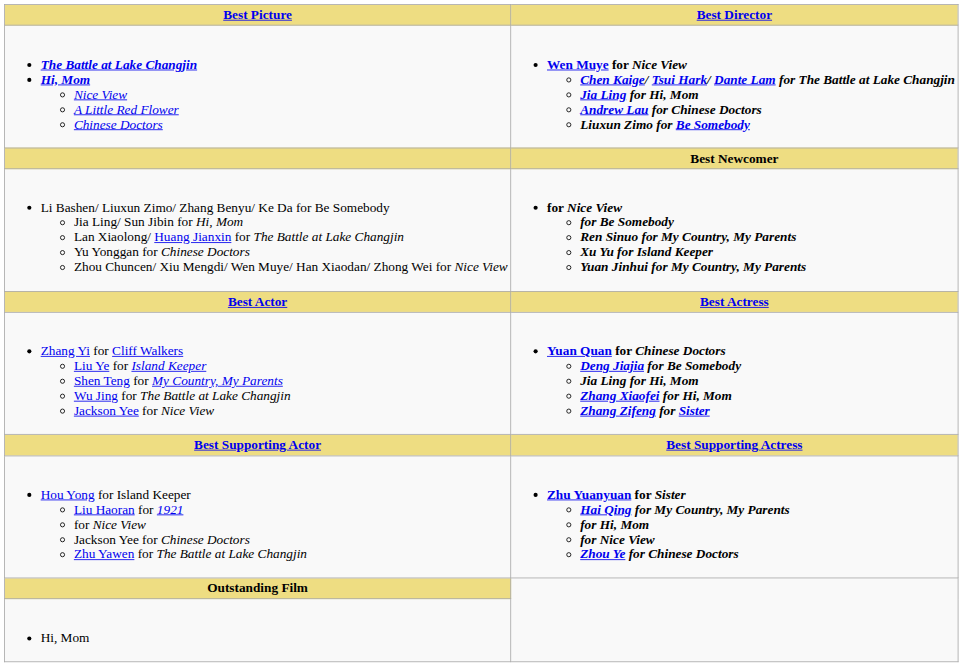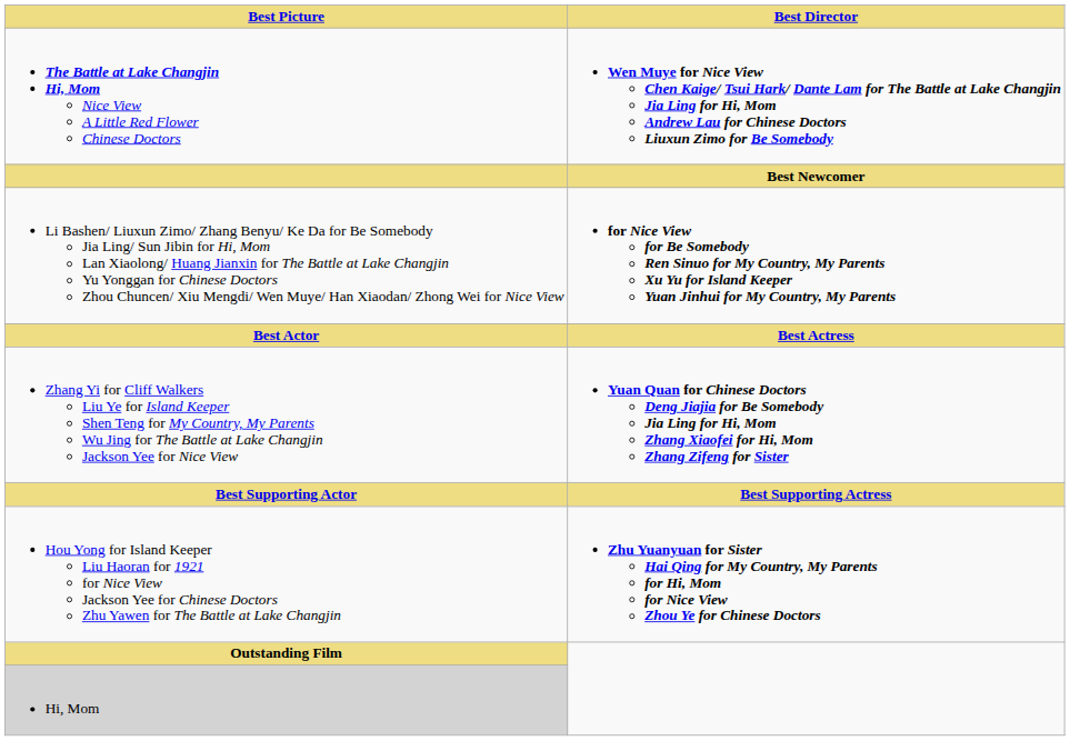 <table class=wikitable>
 <tr>
 <th style="background:#EEDD82; width=50%"><a href='#'>Best Picture</a></th>
 <th style="background:#EEDD82; width=50%"><a href='#'>Best Director</a></th>
 </tr>
 <tr>
 <td valign="top"><br><ul><li><strong><em><a href='#'>The Battle at Lake Changjin</a></em></strong></li><li><strong><em><a href='#'>Hi, Mom</a></em></strong><ul><li><em><a href='#'>Nice View</a></em></li><li><em><a href='#'>A Little Red Flower</a></em></li><li><em><a href='#'>Chinese Doctors</a></em></li></ul></li></ul></td>
 <td valign="top"><br><ul><li><strong><a href='#'>Wen Muye</a> for <em>Nice View<strong><em><ul><li><a href='#'>Chen Kaige</a>/ <a href='#'>Tsui Hark</a>/ <a href='#'>Dante Lam</a> for </em>The Battle at Lake Changjin<em></li><li><a href='#'>Jia Ling</a> for </em>Hi, Mom<em></li><li><a href='#'>Andrew Lau</a> for </em>Chinese Doctors<em></li><li>Liuxun Zimo for </em><a href='#'>Be Somebody</a><em></li></ul></li></ul></td>
 </tr>
 <tr>
 <th style="background:#EEDD82; width=50%"></th>
 <th style="background:#EEDD82; width=50%">Best Newcomer</th>
 </tr>
 <tr>
 <td valign="top"><br><ul><li></strong>Li Bashen/ Liuxun Zimo/ Zhang Benyu/ Ke Da for </em>Be Somebody</em></strong><ul><li>Jia Ling/ Sun Jibin for <em>Hi, Mom</em></li><li>Lan Xiaolong/ <a href='#'>Huang Jianxin</a>  for <em>The Battle at Lake Changjin</em></li><li>Yu Yonggan for <em>Chinese Doctors</em></li><li>Zhou Chuncen/ Xiu Mengdi/ Wen Muye/ Han Xiaodan/ Zhong Wei for <em>Nice View</em></li></ul></li></ul></td>
 <td valign="top"><br><ul><li><strong> for <em>Nice View<strong><em><ul><li> for </em>Be Somebody<em></li><li>Ren Sinuo for </em>My Country, My Parents<em></li><li>Xu Yu for </em>Island Keeper<em></li><li>Yuan Jinhui for </em>My Country, My Parents<em></li></ul></li></ul></td>
 </tr>
 <tr>
 <th style="background:#EEDD82; width=50%"><a href='#'>Best Actor</a></th>
 <th style="background:#EEDD82; width=50%"><a href='#'>Best Actress</a></th>
 </tr>
 <tr>
 <td valign="top"><br><ul><li></strong><a href='#'>Zhang Yi</a> for </em><a href='#'>Cliff Walkers</a></em></strong><ul><li><a href='#'>Liu Ye</a> for <em><a href='#'>Island Keeper</a></em></li><li><a href='#'>Shen Teng</a> for <em><a href='#'>My Country, My Parents</a></em></li><li><a href='#'>Wu Jing</a> for <em>The Battle at Lake Changjin</em></li><li><a href='#'>Jackson Yee</a> for <em>Nice View</em></li></ul></li></ul></td>
 <td valign="top"><br><ul><li><strong><a href='#'>Yuan Quan</a> for <em>Chinese Doctors<strong><em><ul><li><a href='#'>Deng Jiajia</a> for </em>Be Somebody<em></li><li>Jia Ling for </em>Hi, Mom<em></li><li><a href='#'>Zhang Xiaofei</a> for </em>Hi, Mom<em></li><li><a href='#'>Zhang Zifeng</a> for </em><a href='#'>Sister</a><em></li></ul></li></ul></td>
 </tr>
 <tr>
 <th style="background:#EEDD82; width=50%"><a href='#'>Best Supporting Actor</a></th>
 <th style="background:#EEDD82; width=50%"><a href='#'>Best Supporting Actress</a></th>
 </tr>
 <tr>
 <td valign="top"><br><ul><li></strong><a href='#'>Hou Yong</a> for </em>Island Keeper</em></strong><ul><li><a href='#'>Liu Haoran</a> for <em><a href='#'>1921</a></em></li><li> for <em>Nice View</em></li><li>Jackson Yee for <em>Chinese Doctors</em></li><li><a href='#'>Zhu Yawen</a> for <em>The Battle at Lake Changjin</em></li></ul></li></ul></td>
 <td valign="top"><br><ul><li><strong><a href='#'>Zhu Yuanyuan</a> for <em>Sister<strong><em><ul><li><a href='#'>Hai Qing</a> for </em>My Country, My Parents<em></li><li> for </em>Hi, Mom<em></li><li> for </em>Nice View<em></li><li><a href='#'>Zhou Ye</a> for </em>Chinese Doctors<em></li></ul></li></ul></td>
 </tr>
 <tr>
 <th style="background:#EEDD82; width=50%">Outstanding Film</th>
 </tr>
 <tr>
-<td valign="top"><br><ul><li></em></strong>Hi, Mom<strong><em></li></ul></td>
+<td valign="top" style="background: lightgrey;"><br><ul><li></em></strong>Hi, Mom<strong><em></li></ul></td>
 </tr>
 </table>
